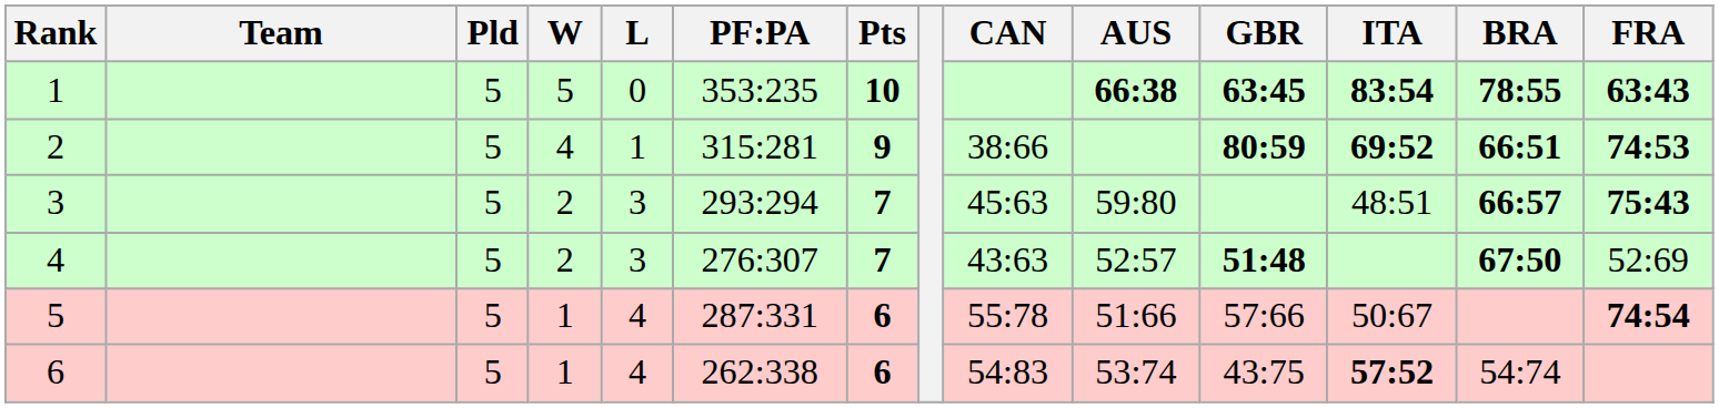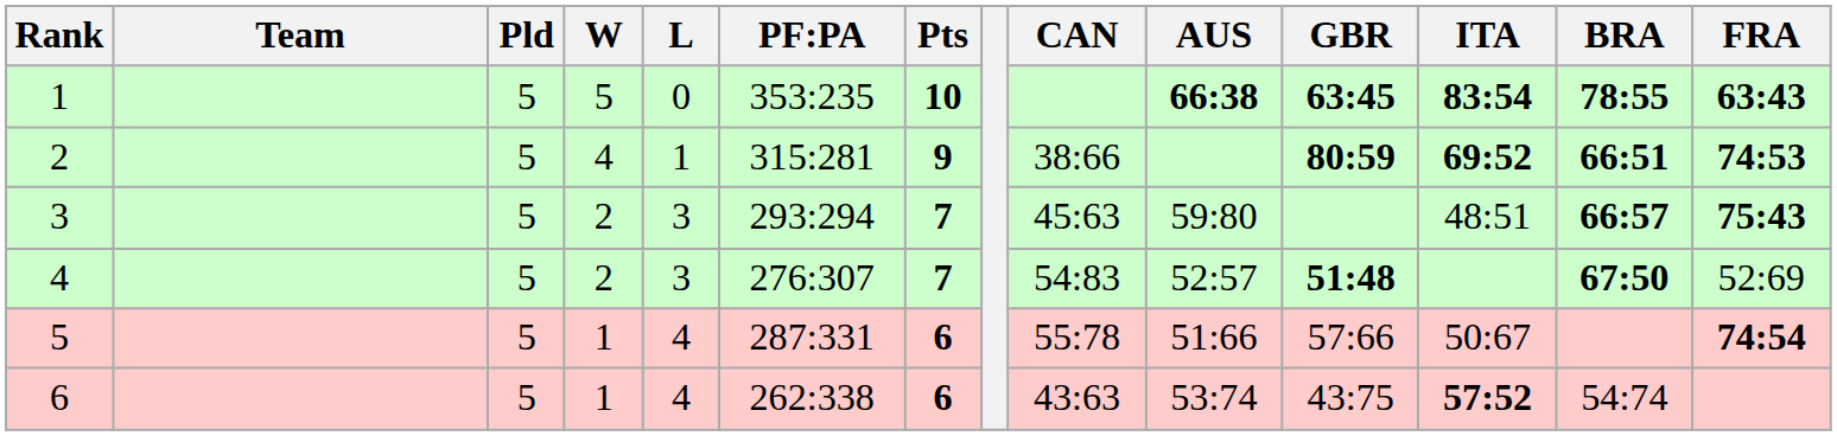 <table class="wikitable" style="text-align:center">
 <tr>
 <th width=25>Rank</th>
 <th width=150>Team</th>
 <th width=25>Pld</th>
 <th width=25>W</th>
 <th width=25>L</th>
 <th width=70>PF:PA</th>
 <th width=25>Pts</th>
 <th rowspan="7"> </th>
 <th width=50>CAN</th>
 <th width=50>AUS</th>
 <th width=50>GBR</th>
 <th width=50>ITA</th>
 <th width=50>BRA</th>
 <th width=50>FRA</th>
 </tr>
 <tr style="background:#ccffcc;">
 <td>1</td>
 <td style="text-align:left"></td>
 <td>5</td>
 <td>5</td>
 <td>0</td>
 <td>353:235</td>
 <td><strong>10</strong></td>
 <td></td>
 <td><strong>66:38</strong></td>
 <td><strong>63:45</strong></td>
 <td><strong>83:54</strong></td>
 <td><strong>78:55</strong></td>
 <td><strong>63:43</strong></td>
 </tr>
 <tr style="background:#ccffcc;">
 <td>2</td>
 <td style="text-align:left"></td>
 <td>5</td>
 <td>4</td>
 <td>1</td>
 <td>315:281</td>
 <td><strong>9</strong></td>
 <td>38:66</td>
 <td></td>
 <td><strong>80:59</strong></td>
 <td><strong>69:52</strong></td>
 <td><strong>66:51</strong></td>
 <td><strong>74:53</strong></td>
 </tr>
 <tr style="background:#ccffcc;">
 <td>3</td>
 <td style="text-align:left"></td>
 <td>5</td>
 <td>2</td>
 <td>3</td>
 <td>293:294</td>
 <td><strong>7</strong></td>
 <td>45:63</td>
 <td>59:80</td>
 <td></td>
 <td>48:51</td>
 <td><strong>66:57</strong></td>
 <td><strong>75:43</strong></td>
 </tr>
 <tr style="background:#ccffcc;">
 <td>4</td>
 <td style="text-align:left"></td>
 <td>5</td>
 <td>2</td>
 <td>3</td>
 <td>276:307</td>
 <td><strong>7</strong></td>
-<td>43:63</td>
+<td>54:83</td>
 <td>52:57</td>
 <td><strong>51:48</strong></td>
 <td></td>
 <td><strong>67:50</strong></td>
 <td>52:69</td>
 </tr>
 <tr style="background:#ffcccc;">
 <td>5</td>
 <td style="text-align:left"></td>
 <td>5</td>
 <td>1</td>
 <td>4</td>
 <td>287:331</td>
 <td><strong>6</strong></td>
 <td>55:78</td>
 <td>51:66</td>
 <td>57:66</td>
 <td>50:67</td>
 <td></td>
 <td><strong>74:54</strong></td>
 </tr>
 <tr style="background:#ffcccc;">
 <td>6</td>
 <td style="text-align:left"></td>
 <td>5</td>
 <td>1</td>
 <td>4</td>
 <td>262:338</td>
 <td><strong>6</strong></td>
-<td>54:83</td>
+<td>43:63</td>
 <td>53:74</td>
 <td>43:75</td>
 <td><strong>57:52</strong></td>
 <td>54:74</td>
 <td></td>
 </tr>
 </table>
